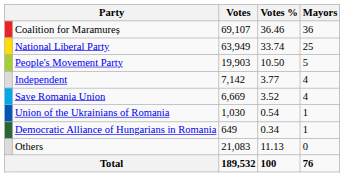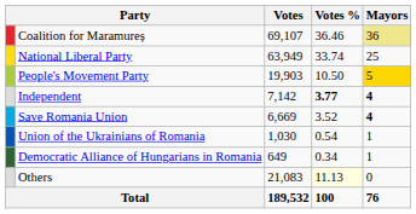 <table class="wikitable">
 <tr>
 <th colspan="2">Party</th>
 <th>Votes</th>
 <th>Votes %</th>
 <th>Mayors</th>
 </tr>
 <tr>
 <td style="background:#ed2128;" width="5"></td>
 <td>Coalition for Maramureș</td>
 <td>69,107</td>
 <td>36.46</td>
-<td>36</td>
+<td style="background: khaki;">36</td>
 </tr>
 <tr>
 <td style="background:#ffdd00;" width="5"></td>
 <td><a href='#'>National Liberal Party</a></td>
 <td>63,949</td>
 <td>33.74</td>
 <td>25</td>
 </tr>
 <tr>
 <td style="background:#a7cf35;" width="5"></td>
 <td><a href='#'>People's Movement Party</a></td>
 <td>19,903</td>
 <td>10.50</td>
-<td>5</td>
+<td style="background: gold;">5</td>
 </tr>
 <tr>
 <td style="background:#dcdcdc;" width="5"></td>
 <td><a href='#'>Independent</a></td>
 <td>7,142</td>
-<td>3.77</td>
-<td>4</td>
+<td><strong>3.77</strong></td>
+<td><strong>4</strong></td>
 </tr>
 <tr>
 <td style="background:#00aae7;" width="5"></td>
 <td><a href='#'>Save Romania Union</a></td>
 <td>6,669</td>
 <td>3.52</td>
-<td>4</td>
+<td><strong>4</strong></td>
 </tr>
 <tr>
 <td style="background:#0057b7;" width="5"></td>
 <td><a href='#'>Union of the Ukrainians of Romania</a></td>
 <td>1,030</td>
 <td>0.54</td>
 <td>1</td>
 </tr>
 <tr>
 <td style="background:#296633;" width="5"></td>
 <td><a href='#'>Democratic Alliance of Hungarians in Romania</a></td>
 <td>649</td>
 <td>0.34</td>
 <td>1</td>
 </tr>
 <tr>
 <td style="background:#dcdcdc;" width="5"></td>
 <td>Others</td>
 <td>21,083</td>
-<td>11.13</td>
+<td style="background: lightyellow;">11.13</td>
 <td>0</td>
 </tr>
 <tr>
 <th colspan="2">Total</th>
 <td><strong>189,532</strong></td>
 <td><strong>100</strong></td>
 <td><strong>76</strong></td>
 </tr>
 </table>
